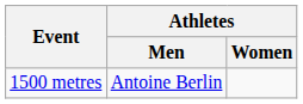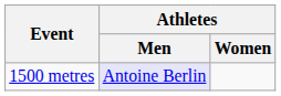 <table class=wikitable style="font-size:90%">
 <tr>
 <th rowspan=2>Event</th>
 <th colspan=2>Athletes</th>
 </tr>
 <tr>
 <th>Men</th>
 <th>Women</th>
 </tr>
 <tr>
 <td><a href='#'>1500 metres</a></td>
-<td><a href='#'>Antoine Berlin</a></td>
+<td style="background: lavender;"><a href='#'>Antoine Berlin</a></td>
 <td></td>
 </tr>
 </table>
